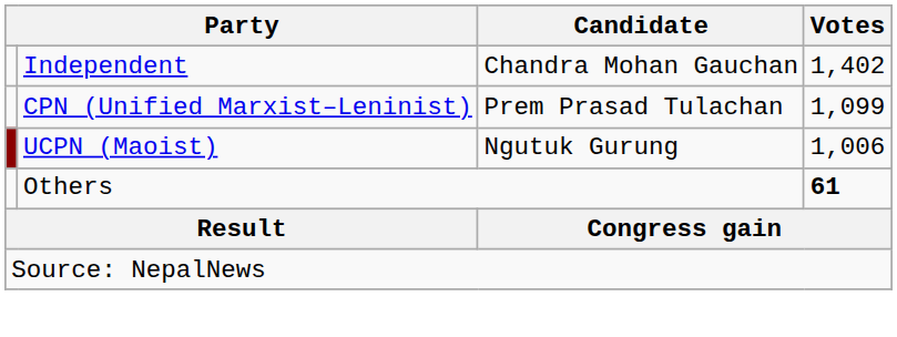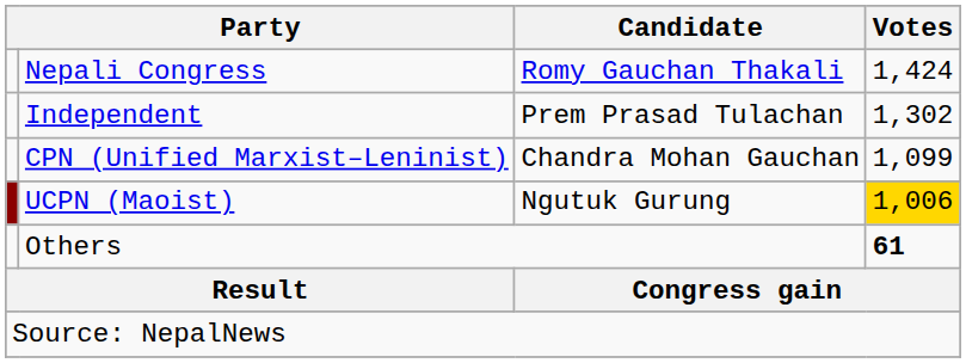 <table class="wikitable">
 <tr>
 <th colspan="2">Party</th>
 <th>Candidate</th>
 <th>Votes</th>
 </tr>
 <tr>
 <td style="background-color:"></td>
+<td><a href='#'>Nepali Congress</a></td>
+<td><a href='#'>Romy Gauchan Thakali</a></td>
+<td>1,424</td>
+</tr>
+<tr>
+<td style="background-color:"></td>
 <td><a href='#'>Independent</a></td>
-<td>Chandra Mohan Gauchan</td>
-<td>1,402</td>
+<td>Prem Prasad Tulachan</td>
+<td>1,302</td>
 </tr>
 <tr>
 <td style="background-color:"></td>
 <td><a href='#'>CPN (Unified Marxist–Leninist)</a></td>
-<td>Prem Prasad Tulachan</td>
+<td>Chandra Mohan Gauchan</td>
 <td>1,099</td>
 </tr>
 <tr>
 <td style="background-color:darkred"></td>
 <td><a href='#'>UCPN (Maoist)</a></td>
 <td>Ngutuk Gurung</td>
-<td>1,006</td>
+<td style="background: gold;">1,006</td>
 </tr>
 <tr>
 <td></td>
 <td colspan="2">Others</td>
 <td><strong>61</strong></td>
 </tr>
 <tr>
 <th colspan="2">Result</th>
 <th colspan="2">Congress gain</th>
 </tr>
 <tr>
 <td colspan="4">Source: NepalNews</td>
 </tr>
 </table>
